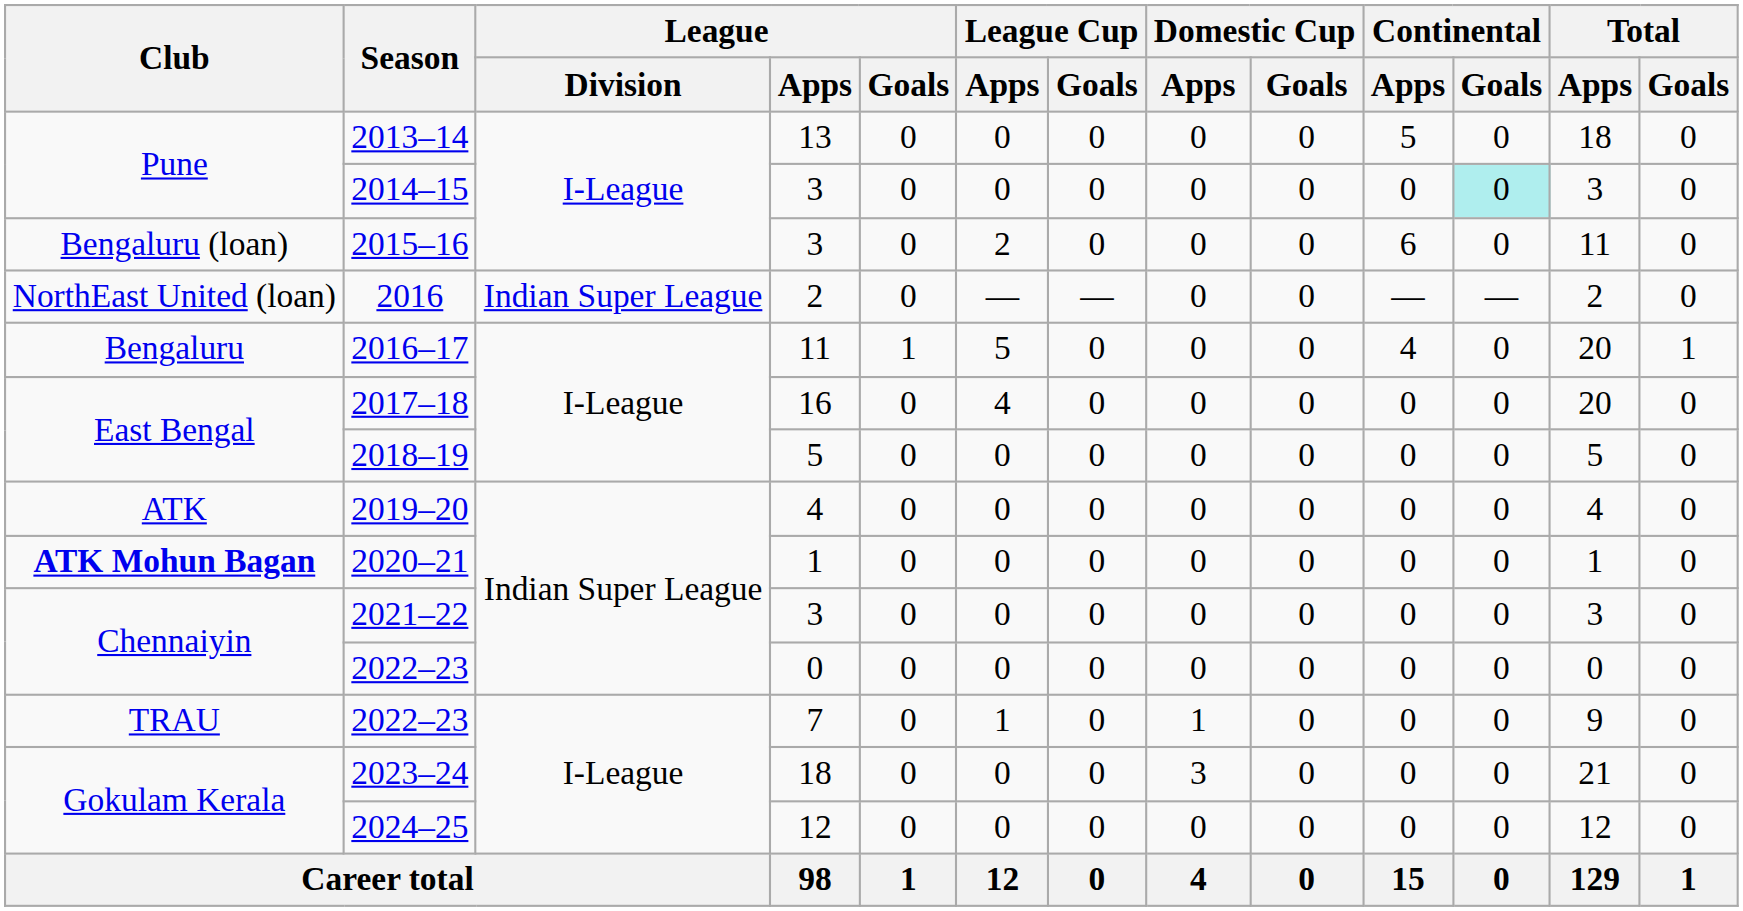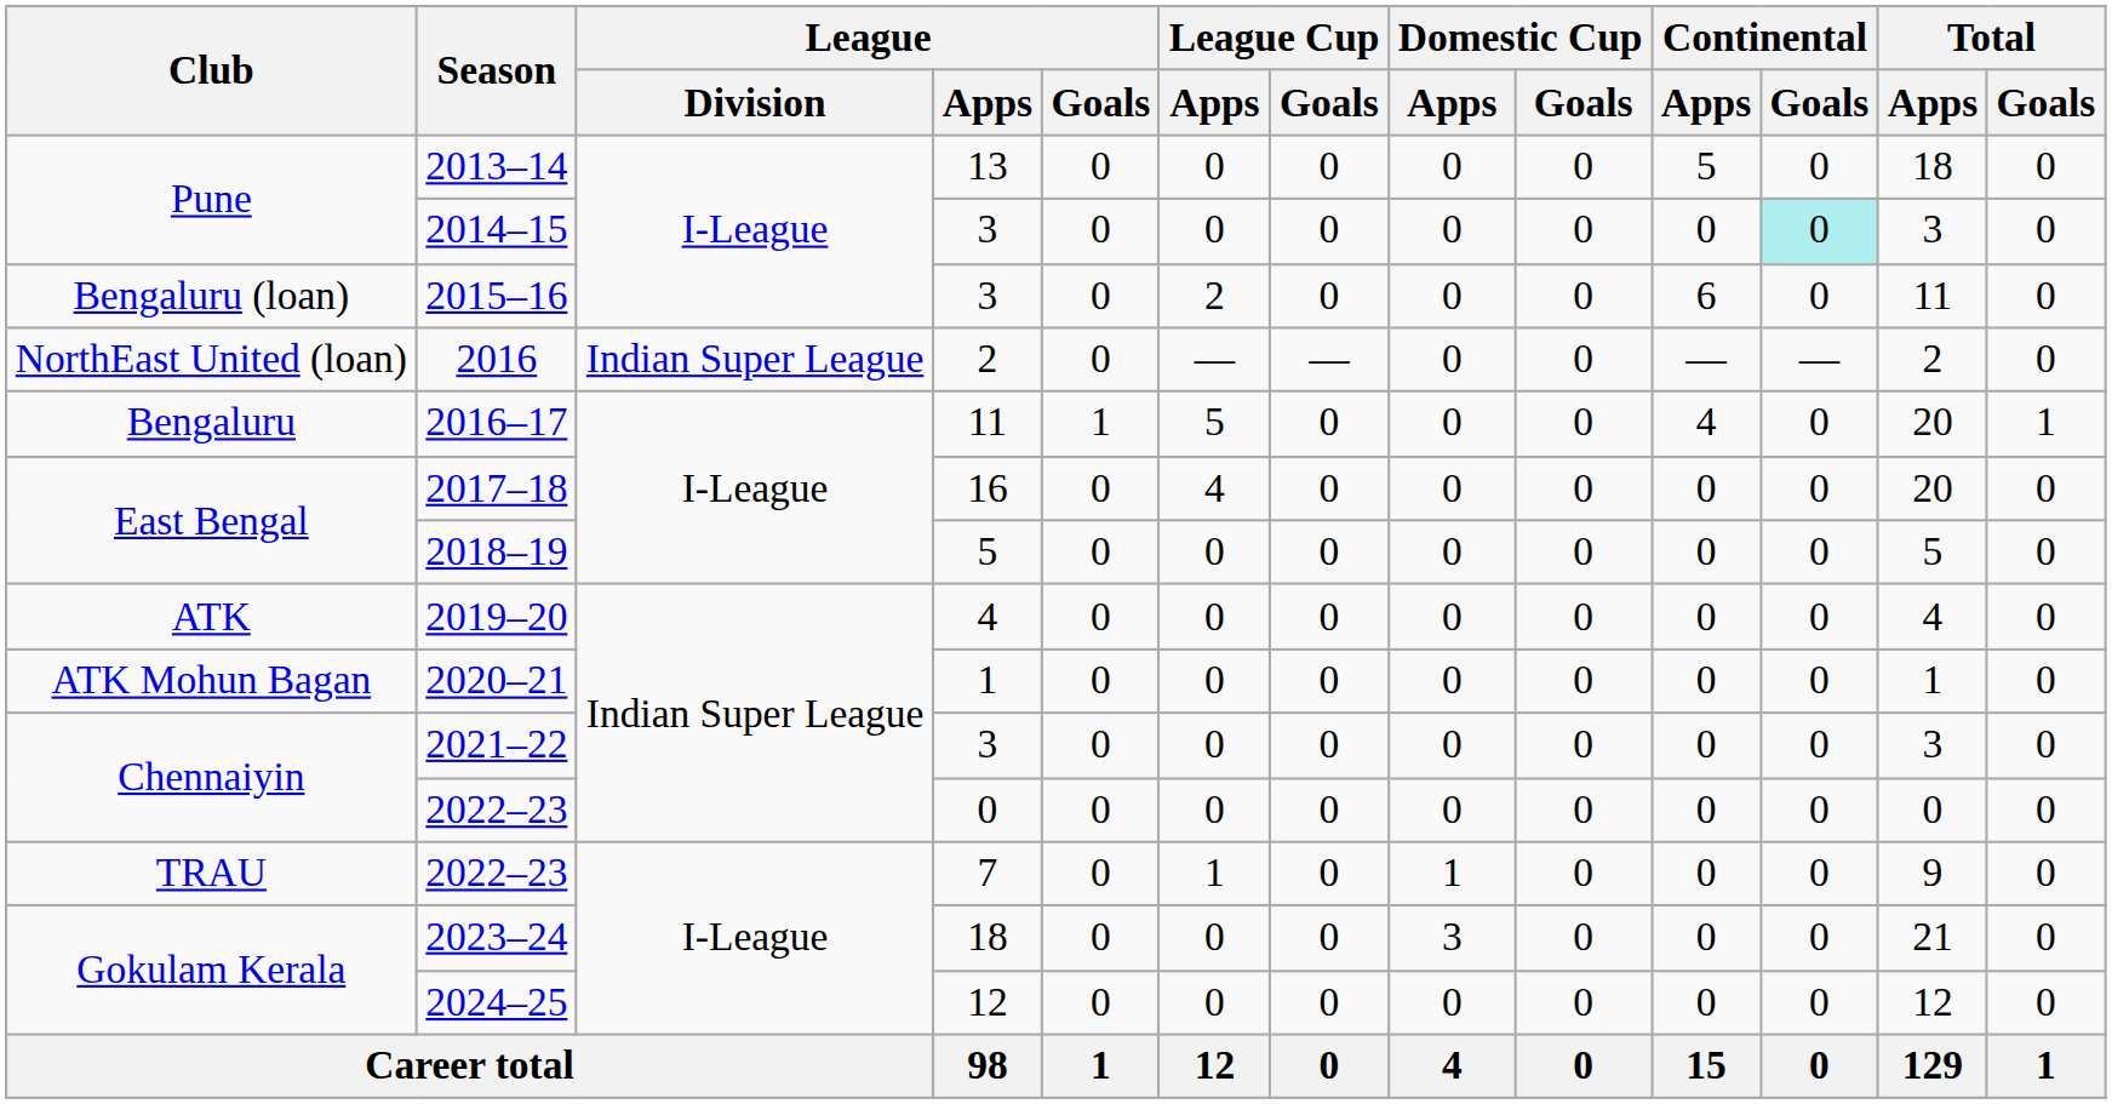 <table class="wikitable" style="text-align: center;">
 <tr>
 <th rowspan="2">Club</th>
 <th rowspan="2">Season</th>
 <th colspan="3">League</th>
 <th colspan="2">League Cup</th>
 <th colspan="2">Domestic Cup</th>
 <th colspan="2">Continental</th>
 <th colspan="2">Total</th>
 </tr>
 <tr>
 <th>Division</th>
 <th>Apps</th>
 <th>Goals</th>
 <th>Apps</th>
 <th>Goals</th>
 <th>Apps</th>
 <th>Goals</th>
 <th>Apps</th>
 <th>Goals</th>
 <th>Apps</th>
 <th>Goals</th>
 </tr>
 <tr>
 <td rowspan="2"><a href='#'>Pune</a></td>
 <td><a href='#'>2013–14</a></td>
 <td rowspan="3"><a href='#'>I-League</a></td>
 <td>13</td>
 <td>0</td>
 <td>0</td>
 <td>0</td>
 <td>0</td>
 <td>0</td>
 <td>5</td>
 <td>0</td>
 <td>18</td>
 <td>0</td>
 </tr>
 <tr>
 <td><a href='#'>2014–15</a></td>
 <td>3</td>
 <td>0</td>
 <td>0</td>
 <td>0</td>
 <td>0</td>
 <td>0</td>
 <td>0</td>
 <td style="background: paleturquoise;">0</td>
 <td>3</td>
 <td>0</td>
 </tr>
 <tr>
 <td rowspan="1"><a href='#'>Bengaluru</a> (loan)</td>
 <td><a href='#'>2015–16</a></td>
 <td>3</td>
 <td>0</td>
 <td>2</td>
 <td>0</td>
 <td>0</td>
 <td>0</td>
 <td>6</td>
 <td>0</td>
 <td>11</td>
 <td>0</td>
 </tr>
 <tr>
 <td rowspan="1"><a href='#'>NorthEast United</a> (loan)</td>
 <td><a href='#'>2016</a></td>
 <td rowspan="1"><a href='#'>Indian Super League</a></td>
 <td>2</td>
 <td>0</td>
 <td>—</td>
 <td>—</td>
 <td>0</td>
 <td>0</td>
 <td>—</td>
 <td>—</td>
 <td>2</td>
 <td>0</td>
 </tr>
 <tr>
 <td rowspan="1"><a href='#'>Bengaluru</a></td>
 <td><a href='#'>2016–17</a></td>
 <td rowspan="3">I-League</td>
 <td>11</td>
 <td>1</td>
 <td>5</td>
 <td>0</td>
 <td>0</td>
 <td>0</td>
 <td>4</td>
 <td>0</td>
 <td>20</td>
 <td>1</td>
 </tr>
 <tr>
 <td rowspan="2"><a href='#'>East Bengal</a></td>
 <td><a href='#'>2017–18</a></td>
 <td>16</td>
 <td>0</td>
 <td>4</td>
 <td>0</td>
 <td>0</td>
 <td>0</td>
 <td>0</td>
 <td>0</td>
 <td>20</td>
 <td>0</td>
 </tr>
 <tr>
 <td><a href='#'>2018–19</a></td>
 <td>5</td>
 <td>0</td>
 <td>0</td>
 <td>0</td>
 <td>0</td>
 <td>0</td>
 <td>0</td>
 <td>0</td>
 <td>5</td>
 <td>0</td>
 </tr>
 <tr>
 <td rowspan="1"><a href='#'>ATK</a></td>
 <td><a href='#'>2019–20</a></td>
 <td rowspan="4">Indian Super League</td>
 <td>4</td>
 <td>0</td>
 <td>0</td>
 <td>0</td>
 <td>0</td>
 <td>0</td>
 <td>0</td>
 <td>0</td>
 <td>4</td>
 <td>0</td>
 </tr>
 <tr>
-<td rowspan="1"><strong><a href='#'>ATK Mohun Bagan</a></strong></td>
+<td rowspan="1"><a href='#'>ATK Mohun Bagan</a></td>
 <td><a href='#'>2020–21</a></td>
 <td>1</td>
 <td>0</td>
 <td>0</td>
 <td>0</td>
 <td>0</td>
 <td>0</td>
 <td>0</td>
 <td>0</td>
 <td>1</td>
 <td>0</td>
 </tr>
 <tr>
 <td rowspan="2"><a href='#'>Chennaiyin</a></td>
 <td><a href='#'>2021–22</a></td>
 <td>3</td>
 <td>0</td>
 <td>0</td>
 <td>0</td>
 <td>0</td>
 <td>0</td>
 <td>0</td>
 <td>0</td>
 <td>3</td>
 <td>0</td>
 </tr>
 <tr>
 <td><a href='#'>2022–23</a></td>
 <td>0</td>
 <td>0</td>
 <td>0</td>
 <td>0</td>
 <td>0</td>
 <td>0</td>
 <td>0</td>
 <td>0</td>
 <td>0</td>
 <td>0</td>
 </tr>
 <tr>
 <td rowspan="1"><a href='#'>TRAU</a></td>
 <td><a href='#'>2022–23</a></td>
 <td rowspan="3">I-League</td>
 <td>7</td>
 <td>0</td>
 <td>1</td>
 <td>0</td>
 <td>1</td>
 <td>0</td>
 <td>0</td>
 <td>0</td>
 <td>9</td>
 <td>0</td>
 </tr>
 <tr>
 <td rowspan="2"><a href='#'>Gokulam Kerala</a></td>
 <td><a href='#'>2023–24</a></td>
 <td>18</td>
 <td>0</td>
 <td>0</td>
 <td>0</td>
 <td>3</td>
 <td>0</td>
 <td>0</td>
 <td>0</td>
 <td>21</td>
 <td>0</td>
 </tr>
 <tr>
 <td><a href='#'>2024–25</a></td>
 <td>12</td>
 <td>0</td>
 <td>0</td>
 <td>0</td>
 <td>0</td>
 <td>0</td>
 <td>0</td>
 <td>0</td>
 <td>12</td>
 <td>0</td>
 </tr>
 <tr>
 <th colspan="3">Career total</th>
 <th>98</th>
 <th>1</th>
 <th>12</th>
 <th>0</th>
 <th>4</th>
 <th>0</th>
 <th>15</th>
 <th>0</th>
 <th>129</th>
 <th>1</th>
 </tr>
 </table>
